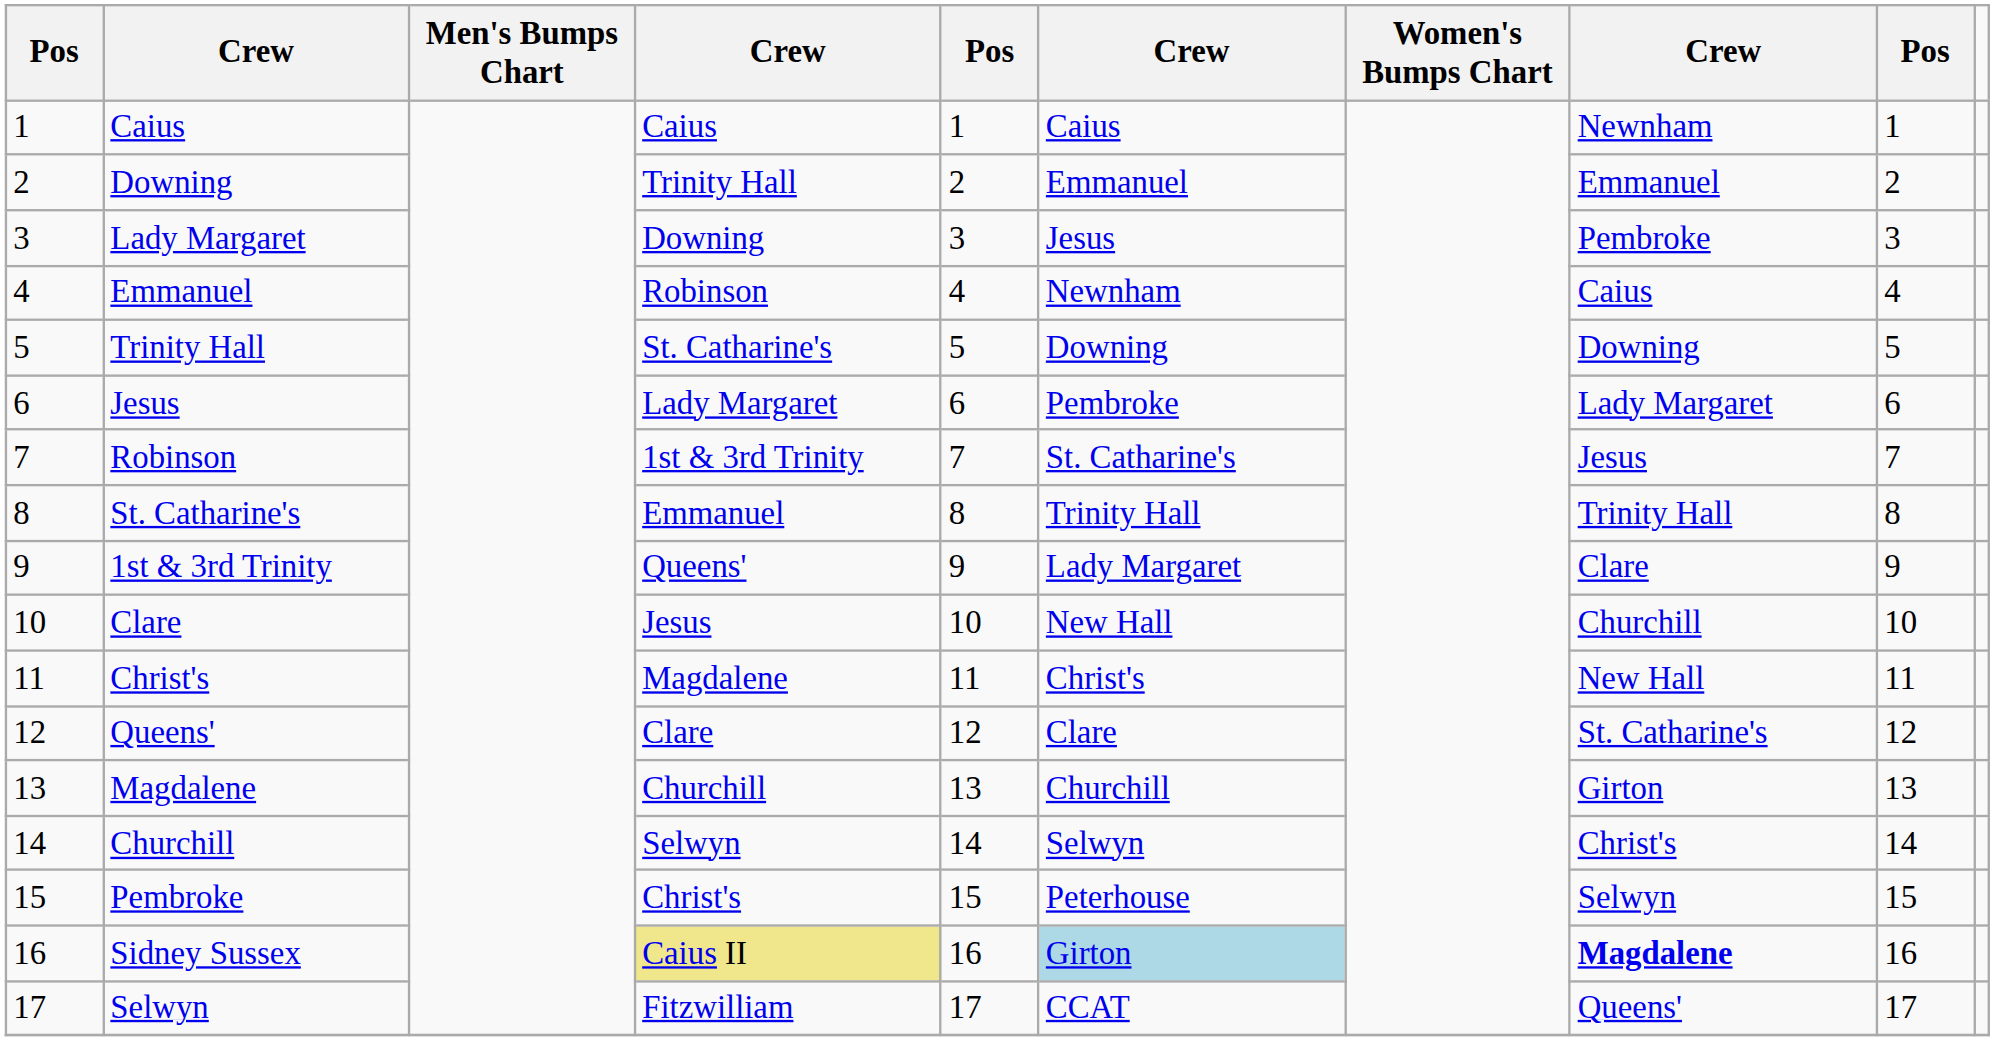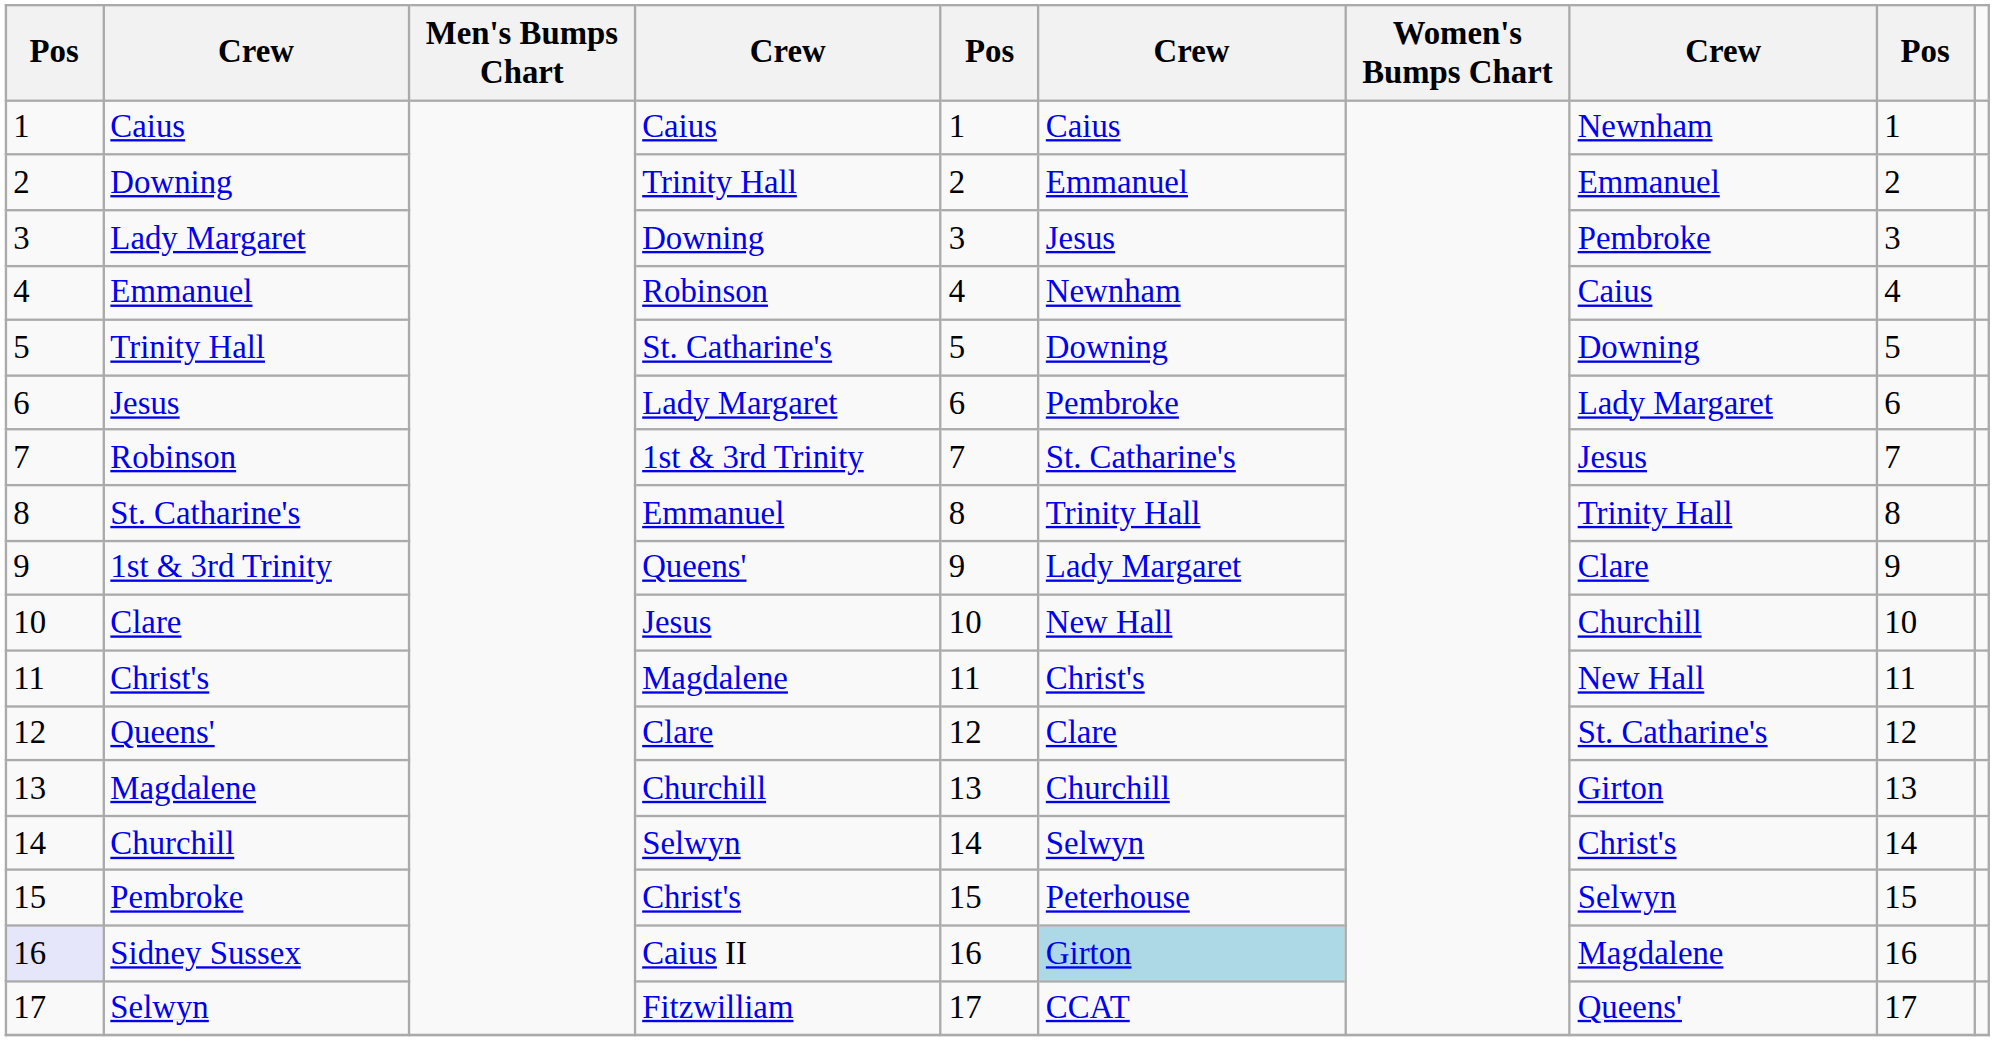 <table class="wikitable" style="font-size:88%; white-space:nowrap; margin:0.5em auto">
 <tr style="white-space:normal">
 <th width=35>Pos</th>
 <th width=125>Crew</th>
 <th width=90>Men's Bumps Chart</th>
 <th width=125>Crew</th>
 <th width=35>Pos</th>
 <th width=125>Crew</th>
 <th width=90>Women's Bumps Chart</th>
 <th width=125>Crew</th>
 <th width=35>Pos</th>
 </tr>
 <tr>
 <td>1</td>
 <td><a href='#'>Caius</a></td>
 <td rowspan="17"><br></td>
 <td><a href='#'>Caius</a></td>
 <td>1</td>
 <td><a href='#'>Caius</a></td>
 <td rowspan="17"><br></td>
 <td><a href='#'>Newnham</a></td>
 <td>1</td>
 <td></td>
 </tr>
 <tr>
 <td>2</td>
 <td><a href='#'>Downing</a></td>
 <td><a href='#'>Trinity Hall</a></td>
 <td>2</td>
 <td><a href='#'>Emmanuel</a></td>
 <td><a href='#'>Emmanuel</a></td>
 <td>2</td>
 <td></td>
 </tr>
 <tr>
 <td>3</td>
 <td><a href='#'>Lady Margaret</a></td>
 <td><a href='#'>Downing</a></td>
 <td>3</td>
 <td><a href='#'>Jesus</a></td>
 <td><a href='#'>Pembroke</a></td>
 <td>3</td>
 <td></td>
 </tr>
 <tr>
 <td>4</td>
 <td><a href='#'>Emmanuel</a></td>
 <td><a href='#'>Robinson</a></td>
 <td>4</td>
 <td><a href='#'>Newnham</a></td>
 <td><a href='#'>Caius</a></td>
 <td>4</td>
 <td></td>
 </tr>
 <tr>
 <td>5</td>
 <td><a href='#'>Trinity Hall</a></td>
 <td><a href='#'>St. Catharine's</a></td>
 <td>5</td>
 <td><a href='#'>Downing</a></td>
 <td><a href='#'>Downing</a></td>
 <td>5</td>
 <td></td>
 </tr>
 <tr>
 <td>6</td>
 <td><a href='#'>Jesus</a></td>
 <td><a href='#'>Lady Margaret</a></td>
 <td>6</td>
 <td><a href='#'>Pembroke</a></td>
 <td><a href='#'>Lady Margaret</a></td>
 <td>6</td>
 <td></td>
 </tr>
 <tr>
 <td>7</td>
 <td><a href='#'>Robinson</a></td>
 <td><a href='#'>1st & 3rd Trinity</a></td>
 <td>7</td>
 <td><a href='#'>St. Catharine's</a></td>
 <td><a href='#'>Jesus</a></td>
 <td>7</td>
 <td></td>
 </tr>
 <tr>
 <td>8</td>
 <td><a href='#'>St. Catharine's</a></td>
 <td><a href='#'>Emmanuel</a></td>
 <td>8</td>
 <td><a href='#'>Trinity Hall</a></td>
 <td><a href='#'>Trinity Hall</a></td>
 <td>8</td>
 <td></td>
 </tr>
 <tr>
 <td>9</td>
 <td><a href='#'>1st & 3rd Trinity</a></td>
 <td><a href='#'>Queens'</a></td>
 <td>9</td>
 <td><a href='#'>Lady Margaret</a></td>
 <td><a href='#'>Clare</a></td>
 <td>9</td>
 <td></td>
 </tr>
 <tr>
 <td>10</td>
 <td><a href='#'>Clare</a></td>
 <td><a href='#'>Jesus</a></td>
 <td>10</td>
 <td><a href='#'>New Hall</a></td>
 <td><a href='#'>Churchill</a></td>
 <td>10</td>
 <td></td>
 </tr>
 <tr>
 <td>11</td>
 <td><a href='#'>Christ's</a></td>
 <td><a href='#'>Magdalene</a></td>
 <td>11</td>
 <td><a href='#'>Christ's</a></td>
 <td><a href='#'>New Hall</a></td>
 <td>11</td>
 <td></td>
 </tr>
 <tr>
 <td>12</td>
 <td><a href='#'>Queens'</a></td>
 <td><a href='#'>Clare</a></td>
 <td>12</td>
 <td><a href='#'>Clare</a></td>
 <td><a href='#'>St. Catharine's</a></td>
 <td>12</td>
 <td></td>
 </tr>
 <tr>
 <td>13</td>
 <td><a href='#'>Magdalene</a></td>
 <td><a href='#'>Churchill</a></td>
 <td>13</td>
 <td><a href='#'>Churchill</a></td>
 <td><a href='#'>Girton</a></td>
 <td>13</td>
 <td></td>
 </tr>
 <tr>
 <td>14</td>
 <td><a href='#'>Churchill</a></td>
 <td><a href='#'>Selwyn</a></td>
 <td>14</td>
 <td><a href='#'>Selwyn</a></td>
 <td><a href='#'>Christ's</a></td>
 <td>14</td>
 <td></td>
 </tr>
 <tr>
 <td>15</td>
 <td><a href='#'>Pembroke</a></td>
 <td><a href='#'>Christ's</a></td>
 <td>15</td>
 <td><a href='#'>Peterhouse</a></td>
 <td><a href='#'>Selwyn</a></td>
 <td>15</td>
 <td></td>
 </tr>
 <tr>
-<td>16</td>
+<td style="background: lavender;">16</td>
 <td><a href='#'>Sidney Sussex</a></td>
-<td style="background: khaki;"><a href='#'>Caius</a> II</td>
+<td><a href='#'>Caius</a> II</td>
 <td>16</td>
 <td style="background: lightblue;"><a href='#'>Girton</a></td>
-<td><strong><a href='#'>Magdalene</a></strong></td>
+<td><a href='#'>Magdalene</a></td>
 <td>16</td>
 <td></td>
 </tr>
 <tr>
 <td>17</td>
 <td><a href='#'>Selwyn</a></td>
 <td><a href='#'>Fitzwilliam</a></td>
 <td>17</td>
 <td><a href='#'>CCAT</a></td>
 <td><a href='#'>Queens'</a></td>
 <td>17</td>
 <td></td>
 </tr>
 <tr>
 </tr>
 </table>
